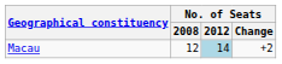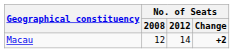 <table class="wikitable">
 <tr>
 <th rowspan=2><a href='#'>Geographical constituency</a></th>
 <th colspan=5>No. of Seats</th>
 </tr>
 <tr>
 <th>2008</th>
 <th>2012</th>
 <th>Change</th>
 </tr>
 <tr align=right>
 <td align=left><a href='#'>Macau</a></td>
 <td>12</td>
-<td style="background: lightblue;">14</td>
-<td>+2</td>
+<td>14</td>
+<td><strong>+2</strong></td>
 </tr>
 </table>
